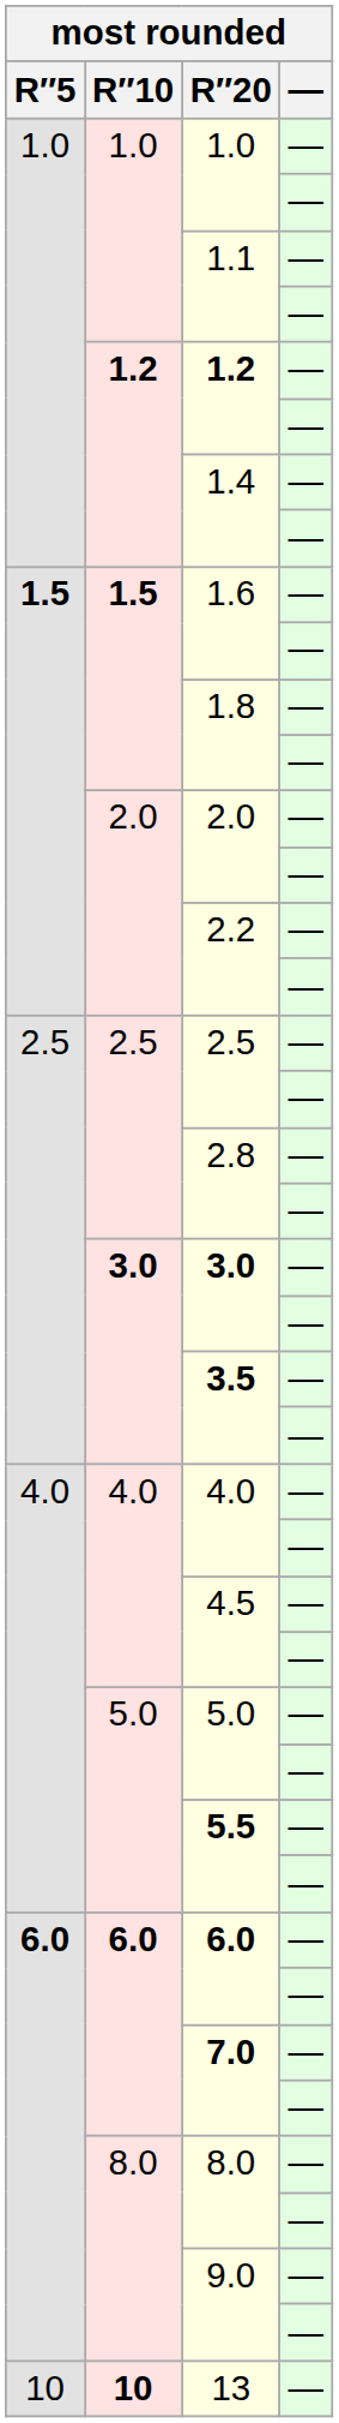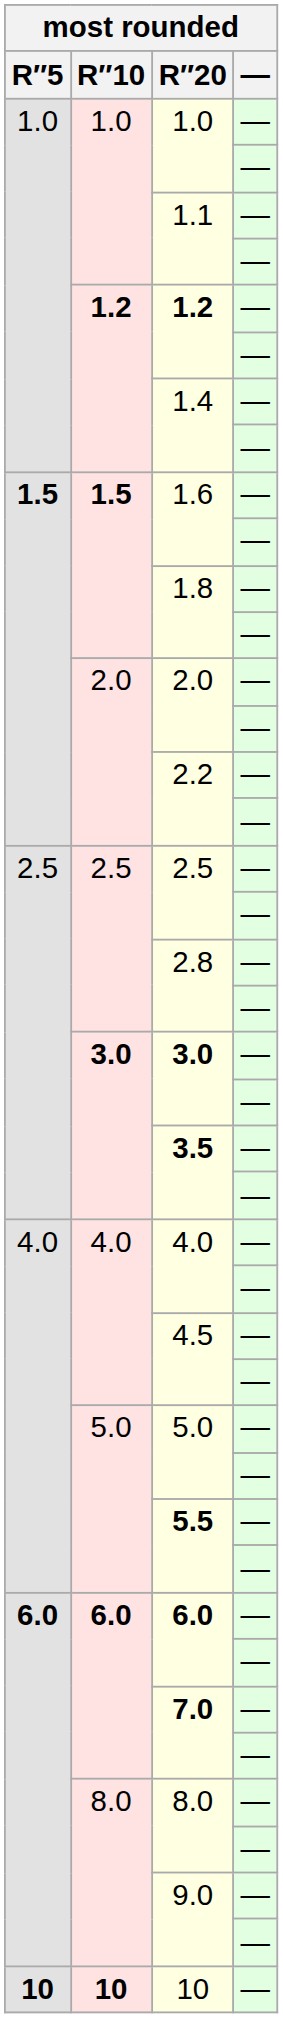 <table class="wikitable" style="text-align:center;">
 <tr>
 <th colspan="4">most rounded</th>
 </tr>
 <tr>
 <th bgcolor="#e2e2e2">R″5</th>
 <th bgcolor="#ffe2e2">R″10</th>
 <th bgcolor="#ffffe2">R″20</th>
 <th bgcolor="#e2ffe2">—</th>
 </tr>
 <tr valign="top">
 <td rowspan="8" bgcolor="#e2e2e2">1.0</td>
 <td rowspan="4" bgcolor="#ffe2e2">1.0</td>
 <td rowspan="2" bgcolor="#ffffe2">1.0</td>
 <td bgcolor="#e2ffe2">—</td>
 </tr>
 <tr>
 <td bgcolor="#e2ffe2">—</td>
 </tr>
 <tr valign="top">
 <td rowspan="2" bgcolor="#ffffe2">1.1</td>
 <td bgcolor="#e2ffe2">—</td>
 </tr>
 <tr>
 <td bgcolor="#e2ffe2">—</td>
 </tr>
 <tr valign="top">
 <td rowspan="4" bgcolor="#ffe2e2"><strong>1.2</strong></td>
 <td rowspan="2" bgcolor="#ffffe2"><strong>1.2</strong></td>
 <td bgcolor="#e2ffe2">—</td>
 </tr>
 <tr>
 <td bgcolor="#e2ffe2">—</td>
 </tr>
 <tr valign="top">
 <td rowspan="2" bgcolor="#ffffe2">1.4</td>
 <td bgcolor="#e2ffe2">—</td>
 </tr>
 <tr>
 <td bgcolor="#e2ffe2">—</td>
 </tr>
 <tr valign="top">
 <td rowspan="8" bgcolor="#e2e2e2"><strong>1.5</strong></td>
 <td rowspan="4" bgcolor="#ffe2e2"><strong>1.5</strong></td>
 <td rowspan="2" bgcolor="#ffffe2">1.6</td>
 <td bgcolor="#e2ffe2">—</td>
 </tr>
 <tr>
 <td bgcolor="#e2ffe2">—</td>
 </tr>
 <tr valign="top">
 <td rowspan="2" bgcolor="#ffffe2">1.8</td>
 <td bgcolor="#e2ffe2">—</td>
 </tr>
 <tr>
 <td bgcolor="#e2ffe2">—</td>
 </tr>
 <tr valign="top">
 <td rowspan="4" bgcolor="#ffe2e2">2.0</td>
 <td rowspan="2" bgcolor="#ffffe2">2.0</td>
 <td bgcolor="#e2ffe2">—</td>
 </tr>
 <tr>
 <td bgcolor="#e2ffe2">—</td>
 </tr>
 <tr valign="top">
 <td rowspan="2" bgcolor="#ffffe2">2.2</td>
 <td bgcolor="#e2ffe2">—</td>
 </tr>
 <tr>
 <td bgcolor="#e2ffe2">—</td>
 </tr>
 <tr valign="top">
 <td rowspan="8" bgcolor="#e2e2e2">2.5</td>
 <td rowspan="4" bgcolor="#ffe2e2">2.5</td>
 <td rowspan="2" bgcolor="#ffffe2">2.5</td>
 <td bgcolor="#e2ffe2">—</td>
 </tr>
 <tr>
 <td bgcolor="#e2ffe2">—</td>
 </tr>
 <tr valign="top">
 <td rowspan="2" bgcolor="#ffffe2">2.8</td>
 <td bgcolor="#e2ffe2">—</td>
 </tr>
 <tr>
 <td bgcolor="#e2ffe2">—</td>
 </tr>
 <tr valign="top">
 <td rowspan="4" bgcolor="#ffe2e2"><strong>3.0</strong></td>
 <td rowspan="2" bgcolor="#ffffe2"><strong>3.0</strong></td>
 <td bgcolor="#e2ffe2">—</td>
 </tr>
 <tr>
 <td bgcolor="#e2ffe2">—</td>
 </tr>
 <tr valign="top">
 <td rowspan="2" bgcolor="#ffffe2"><strong>3.5</strong></td>
 <td bgcolor="#e2ffe2">—</td>
 </tr>
 <tr>
 <td bgcolor="#e2ffe2">—</td>
 </tr>
 <tr valign="top">
 <td rowspan="8" bgcolor="#e2e2e2">4.0</td>
 <td rowspan="4" bgcolor="#ffe2e2">4.0</td>
 <td rowspan="2" bgcolor="#ffffe2">4.0</td>
 <td bgcolor="#e2ffe2">—</td>
 </tr>
 <tr>
 <td bgcolor="#e2ffe2">—</td>
 </tr>
 <tr valign="top">
 <td rowspan="2" bgcolor="#ffffe2">4.5</td>
 <td bgcolor="#e2ffe2">—</td>
 </tr>
 <tr>
 <td bgcolor="#e2ffe2">—</td>
 </tr>
 <tr valign="top">
 <td rowspan="4" bgcolor="#ffe2e2">5.0</td>
 <td rowspan="2" bgcolor="#ffffe2">5.0</td>
 <td bgcolor="#e2ffe2">—</td>
 </tr>
 <tr>
 <td bgcolor="#e2ffe2">—</td>
 </tr>
 <tr valign="top">
 <td rowspan="2" bgcolor="#ffffe2"><strong>5.5</strong></td>
 <td bgcolor="#e2ffe2">—</td>
 </tr>
 <tr>
 <td bgcolor="#e2ffe2">—</td>
 </tr>
 <tr valign="top">
 <td rowspan="8" bgcolor="#e2e2e2"><strong>6.0</strong></td>
 <td rowspan="4" bgcolor="#ffe2e2"><strong>6.0</strong></td>
 <td rowspan="2" bgcolor="#ffffe2"><strong>6.0</strong></td>
 <td bgcolor="#e2ffe2">—</td>
 </tr>
 <tr>
 <td bgcolor="#e2ffe2">—</td>
 </tr>
 <tr valign="top">
 <td rowspan="2" bgcolor="#ffffe2"><strong>7.0</strong></td>
 <td bgcolor="#e2ffe2">—</td>
 </tr>
 <tr>
 <td bgcolor="#e2ffe2">—</td>
 </tr>
 <tr valign="top">
 <td rowspan="4" bgcolor="#ffe2e2">8.0</td>
 <td rowspan="2" bgcolor="#ffffe2">8.0</td>
 <td bgcolor="#e2ffe2">—</td>
 </tr>
 <tr>
 <td bgcolor="#e2ffe2">—</td>
 </tr>
 <tr valign="top">
 <td rowspan="2" bgcolor="#ffffe2">9.0</td>
 <td bgcolor="#e2ffe2">—</td>
 </tr>
 <tr>
 <td bgcolor="#e2ffe2">—</td>
 </tr>
 <tr valign="top">
-<td bgcolor="#e2e2e2">10</td>
+<td bgcolor="#e2e2e2"><strong>10</strong></td>
 <td bgcolor="#ffe2e2"><strong>10</strong></td>
-<td bgcolor="#ffffe2">13</td>
+<td bgcolor="#ffffe2">10</td>
 <td bgcolor="#e2ffe2">—</td>
 </tr>
 </table>
